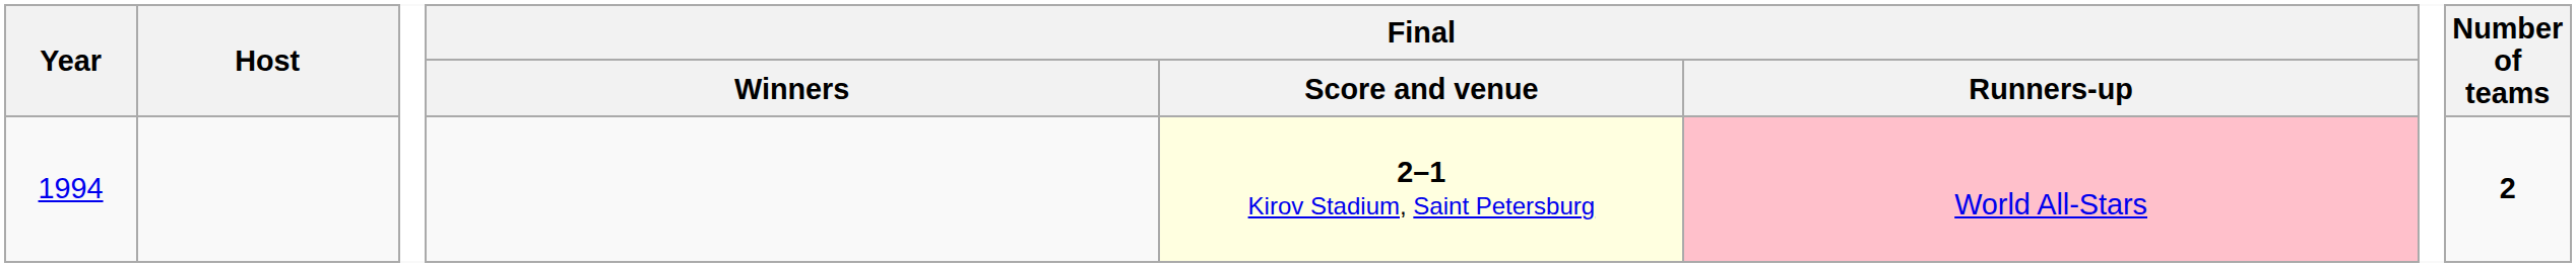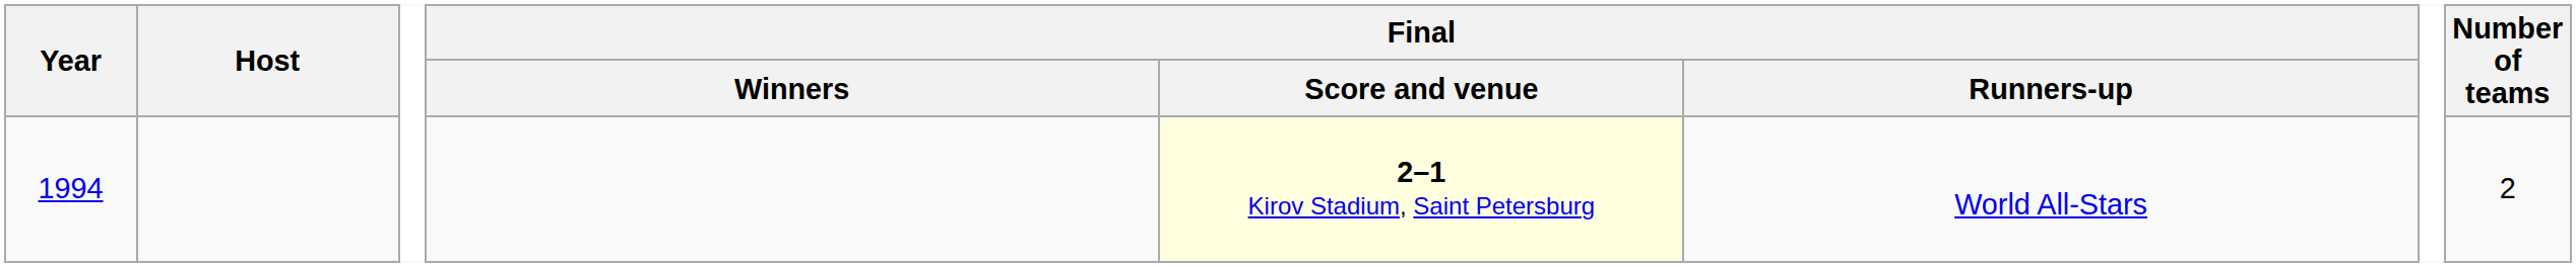 <table class="wikitable" style="font-size: 90%; text-align: center; width: 100%;">
 <tr>
 <th rowspan="2" width="5%">Year</th>
 <th rowspan="2" width="10%">Host</th>
 <td rowspan="21" width="1%" style="background-color:#ffffff;border-top-style:hidden;border-bottom-style:hidden;"></td>
 <th colspan="3">Final</th>
 <td rowspan="21" width="1%" style="background-color:#ffffff;border-top-style:hidden;border-bottom-style:hidden;"></td>
 <th rowspan="2" width="4%">Number of teams</th>
 </tr>
 <tr>
 <th width="28%">Winners</th>
 <th width="20%">Score and venue</th>
 <th width="28%">Runners-up</th>
 </tr>
 <tr style="height: 5em;">
 <td><a href='#'>1994</a></td>
 <td align="left"></td>
 <td><strong></strong></td>
 <td style="background: lightyellow;"><strong>2–1</strong><br><small><a href='#'>Kirov Stadium</a>, <a href='#'>Saint Petersburg</a></small></td>
-<td style="background: pink;"><br><a href='#'>World All-Stars</a></td>
-<td><strong>2</strong></td>
+<td><br><a href='#'>World All-Stars</a></td>
+<td>2</td>
 </tr>
 </table>
